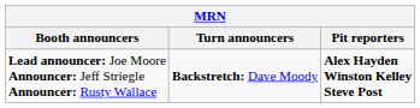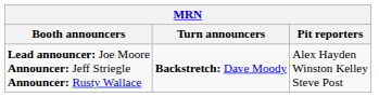 <table class="wikitable" style="font-size: 95%">
 <tr>
 <th colspan="3"><a href='#'>MRN</a></th>
 </tr>
 <tr>
 <th>Booth announcers</th>
 <th>Turn announcers</th>
 <th>Pit reporters</th>
 </tr>
 <tr>
 <td><strong>Lead announcer:</strong> Joe Moore<br><strong>Announcer:</strong> Jeff Striegle<br><strong>Announcer:</strong> <a href='#'>Rusty Wallace</a></td>
 <td><strong>Backstretch:</strong> <a href='#'>Dave Moody</a></td>
-<td><strong>Alex Hayden<br>Winston Kelley<br>Steve Post</strong></td>
+<td>Alex Hayden<br>Winston Kelley<br>Steve Post</td>
 </tr>
 </table>
